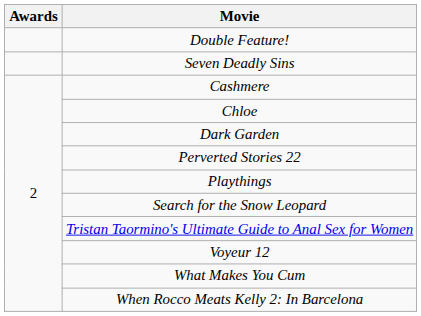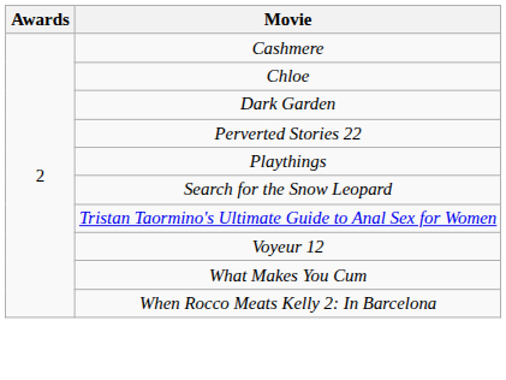 <table class="wikitable" style="text-align: center">
 <tr>
 <th scope="col" width="55">Awards</th>
 <th scope="col" align="center">Movie</th>
-</tr>
-<tr>
-<td></td>
-<td><em>Double Feature!</em></td>
-</tr>
-<tr>
-<td></td>
-<td><em>Seven Deadly Sins</em></td>
 </tr>
 <tr>
 <td rowspan=10 style="text-align:center">2</td>
 <td><em>Cashmere</em></td>
 </tr>
 <tr>
 <td><em>Chloe</em></td>
 </tr>
 <tr>
 <td><em>Dark Garden</em></td>
 </tr>
 <tr>
 <td><em>Perverted Stories 22</em></td>
 </tr>
 <tr>
 <td><em>Playthings</em></td>
 </tr>
 <tr>
 <td><em>Search for the Snow Leopard</em></td>
 </tr>
 <tr>
 <td><em><a href='#'>Tristan Taormino's Ultimate Guide to Anal Sex for Women</a></em></td>
 </tr>
 <tr>
 <td><em>Voyeur 12</em></td>
 </tr>
 <tr>
 <td><em>What Makes You Cum</em></td>
 </tr>
 <tr>
 <td><em>When Rocco Meats Kelly 2: In Barcelona</em></td>
 </tr>
 </table>
